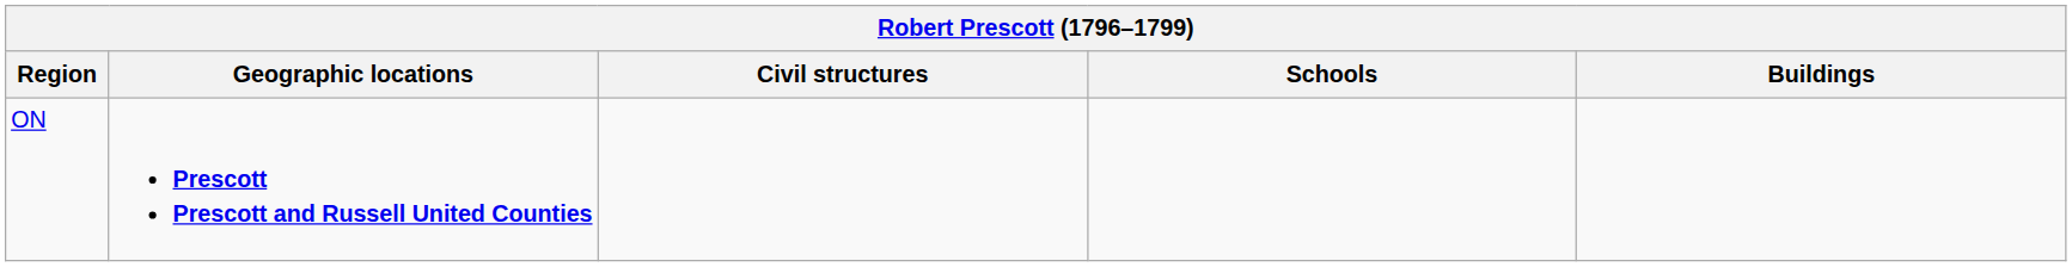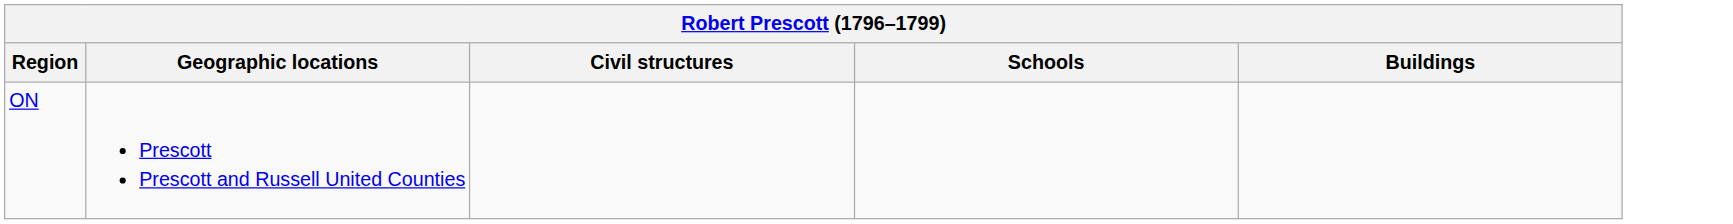 <table class="wikitable sortable" style="font-size:1.00em; line-height:1.5em;">
 <tr>
 <th colspan="5"> <a href='#'>Robert Prescott</a> (1796–1799)</th>
 </tr>
 <tr>
 <th width="5%">Region</th>
 <th width="23.75%">Geographic locations</th>
 <th width="23.75%">Civil structures</th>
 <th width="23.75%">Schools</th>
 <th width="23.75%">Buildings</th>
 </tr>
 <tr>
 <td align=left valign=top> <a href='#'>ON</a></td>
-<td align=left valign=top><strong><br><ul><li><a href='#'>Prescott</a></li><li><a href='#'>Prescott and Russell United Counties</a></li></ul></strong></td>
+<td align=left valign=top><br><ul><li><a href='#'>Prescott</a></li><li><a href='#'>Prescott and Russell United Counties</a></li></ul></td>
 <td></td>
 <td></td>
 <td></td>
 </tr>
 </table>
